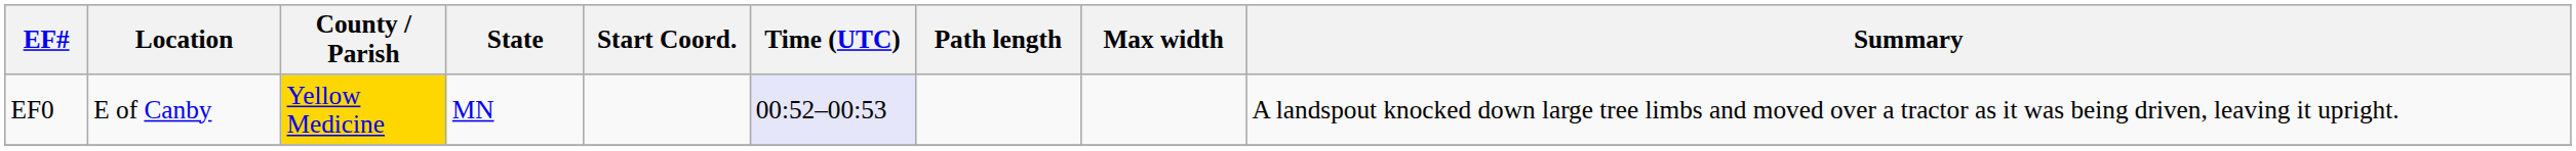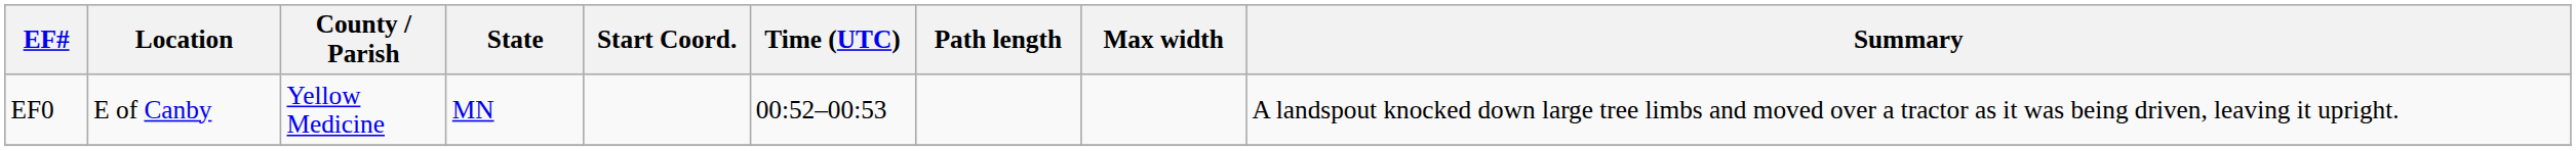 <table class="wikitable sortable" style="width:100%;">
 <tr>
 <th scope="col"  style="width:3%; text-align:center;"><a href='#'>EF#</a></th>
 <th scope="col"  style="width:7%; text-align:center;" class="unsortable">Location</th>
 <th scope="col"  style="width:6%; text-align:center;" class="unsortable">County / Parish</th>
 <th scope="col"  style="width:5%; text-align:center;">State</th>
 <th scope="col"  style="width:6%; text-align:center;">Start Coord.</th>
 <th scope="col"  style="width:6%; text-align:center;">Time (<a href='#'>UTC</a>)</th>
 <th scope="col"  style="width:6%; text-align:center;">Path length</th>
 <th scope="col"  style="width:6%; text-align:center;">Max width</th>
 <th scope="col" class="unsortable" style="width:48%; text-align:center;">Summary</th>
 </tr>
 <tr>
 <td>EF0</td>
 <td>E of <a href='#'>Canby</a></td>
-<td style="background: gold;"><a href='#'>Yellow Medicine</a></td>
+<td><a href='#'>Yellow Medicine</a></td>
 <td><a href='#'>MN</a></td>
 <td></td>
-<td style="background: lavender;">00:52–00:53</td>
+<td>00:52–00:53</td>
 <td></td>
 <td></td>
 <td>A landspout knocked down large tree limbs and moved over a tractor as it was being driven, leaving it upright.</td>
 </tr>
 <tr>
 </tr>
 </table>
